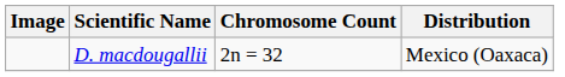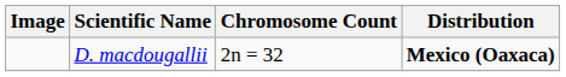 <table class="wikitable">
 <tr>
 <th>Image</th>
 <th>Scientific Name</th>
 <th>Chromosome Count</th>
 <th>Distribution</th>
 </tr>
 <tr>
 <td></td>
 <td><em><a href='#'>D. macdougallii</a></em> </td>
 <td>2n = 32</td>
-<td>Mexico (Oaxaca)</td>
+<td><strong>Mexico (Oaxaca)</strong></td>
 </tr>
 <tr>
 </tr>
 </table>
